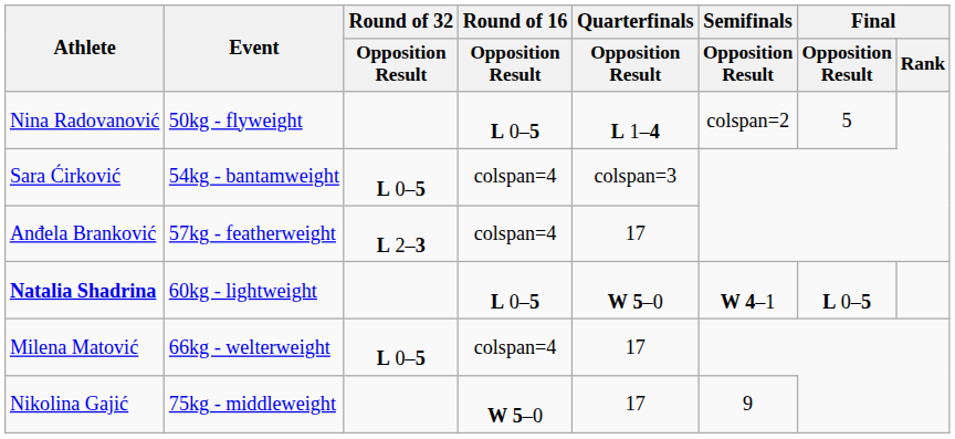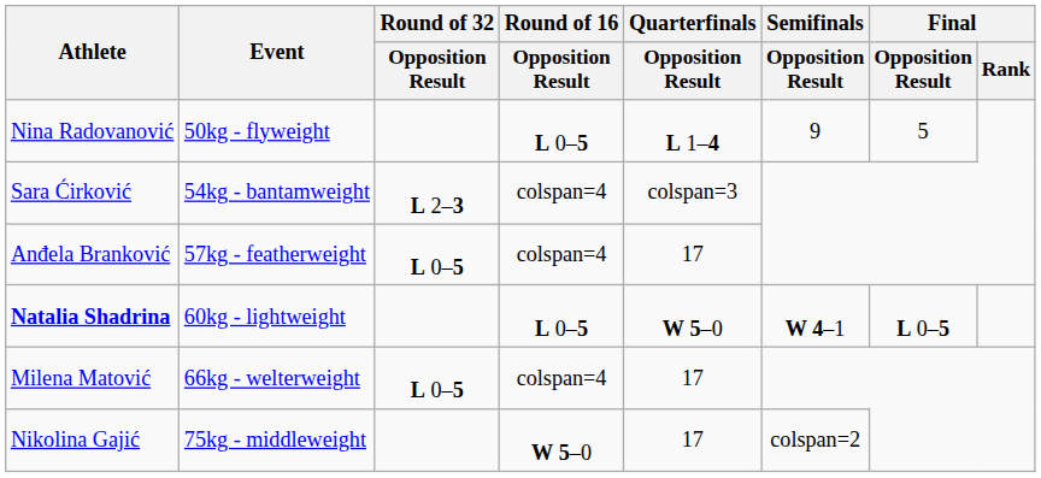 <table class="wikitable" style="font-size:90%">
 <tr>
 <th rowspan="2">Athlete</th>
 <th rowspan="2">Event</th>
 <th>Round of 32</th>
 <th>Round of 16</th>
 <th>Quarterfinals</th>
 <th>Semifinals</th>
 <th colspan=2>Final</th>
 </tr>
 <tr style="font-size:95%">
 <th>Opposition<br>Result</th>
 <th>Opposition<br>Result</th>
 <th>Opposition<br>Result</th>
 <th>Opposition<br>Result</th>
 <th>Opposition<br>Result</th>
 <th>Rank</th>
 </tr>
 <tr align=center>
 <td align=left><a href='#'>Nina Radovanović</a></td>
 <td align=left><a href='#'>50kg - flyweight</a></td>
 <td></td>
 <td><br><strong>L</strong> 0–<strong>5</strong></td>
 <td><br><strong>L</strong> 1–<strong>4</strong></td>
-<td>colspan=2 </td>
+<td>9</td>
 <td>5</td>
 </tr>
 <tr align=center>
 <td align=left><a href='#'>Sara Ćirković</a></td>
 <td align=left><a href='#'>54kg - bantamweight</a></td>
-<td><br><strong>L</strong> 0–<strong>5</strong></td>
+<td><br><strong>L</strong> 2–<strong>3</strong></td>
 <td>colspan=4 </td>
 <td>colspan=3 </td>
 </tr>
 <tr align=center>
 <td align=left><a href='#'>Anđela Branković</a></td>
 <td align=left><a href='#'>57kg - featherweight</a></td>
-<td><br><strong>L</strong> 2–<strong>3</strong></td>
+<td><br><strong>L</strong> 0–<strong>5</strong></td>
 <td>colspan=4 </td>
 <td>17</td>
 </tr>
 <tr align=center>
 <td align=left><strong><a href='#'>Natalia Shadrina</a></strong></td>
 <td align=left><a href='#'>60kg - lightweight</a></td>
 <td></td>
 <td><br><strong>L</strong> 0–<strong>5</strong></td>
 <td><br><strong>W</strong> <strong>5</strong>–0</td>
 <td><br><strong>W 4</strong>–1</td>
 <td><br><strong>L</strong> 0–<strong>5</strong></td>
 <td></td>
 </tr>
 <tr align=center>
 <td align=left><a href='#'>Milena Matović</a></td>
 <td align=left><a href='#'>66kg - welterweight</a></td>
 <td><br><strong>L</strong> 0–<strong>5</strong></td>
 <td>colspan=4 </td>
 <td>17</td>
 </tr>
 <tr align=center>
 <td align=left><a href='#'>Nikolina Gajić</a></td>
 <td align=left><a href='#'>75kg - middleweight</a></td>
 <td></td>
 <td><br><strong>W</strong> <strong>5</strong>–0</td>
 <td>17</td>
-<td>9</td>
+<td>colspan=2 </td>
 </tr>
 </table>
